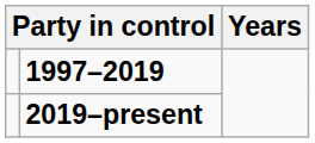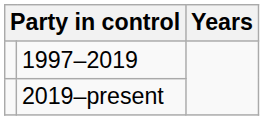 <table class="wikitable">
 <tr>
 <th colspan="2">Party in control</th>
 <th>Years</th>
 </tr>
 <tr>
 <td></td>
-<td><strong>1997–2019</strong></td>
+<td>1997–2019</td>
 </tr>
 <tr>
 <td></td>
-<td><strong>2019–present</strong></td>
+<td>2019–present</td>
 </tr>
 </table>
